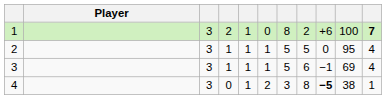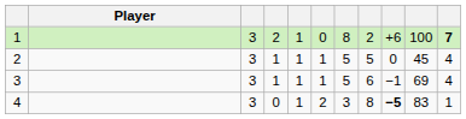 <table class="wikitable" style="text-align:center; margin: 1em auto 1em auto, align:left">
 <tr>
 <th width=20></th>
 <th width=240>Player</th>
 <th width=20></th>
 <th width=20></th>
 <th width=20></th>
 <th width=20></th>
 <th width=20></th>
 <th width=20></th>
 <th width=20></th>
 <th width=30></th>
 <th width=20></th>
 </tr>
 <tr style="background:#D0F0C0;">
 <td>1</td>
 <td align=left></td>
 <td>3</td>
 <td>2</td>
 <td>1</td>
 <td>0</td>
 <td>8</td>
 <td>2</td>
 <td>+6</td>
 <td>100</td>
 <td><strong>7</strong></td>
 </tr>
 <tr style=>
 <td>2</td>
 <td align=left></td>
 <td>3</td>
 <td>1</td>
 <td>1</td>
 <td>1</td>
 <td>5</td>
 <td>5</td>
 <td>0</td>
-<td>95</td>
+<td>45</td>
 <td>4</td>
 </tr>
 <tr style=>
 <td>3</td>
 <td align=left></td>
 <td>3</td>
 <td>1</td>
 <td>1</td>
 <td>1</td>
 <td>5</td>
 <td>6</td>
 <td>−1</td>
 <td>69</td>
 <td>4</td>
 </tr>
 <tr style=>
 <td>4</td>
 <td align=left></td>
 <td>3</td>
 <td>0</td>
 <td>1</td>
 <td>2</td>
 <td>3</td>
 <td>8</td>
 <td><strong>−5</strong></td>
-<td>38</td>
+<td>83</td>
 <td>1</td>
 </tr>
 </table>
